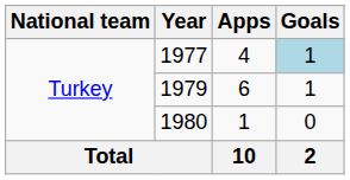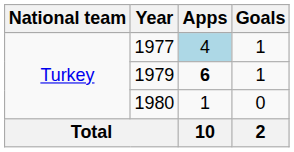 <table class="wikitable" style="text-align:center">
 <tr>
 <th>National team</th>
 <th>Year</th>
 <th>Apps</th>
 <th>Goals</th>
 </tr>
 <tr>
 <td rowspan="3"><a href='#'>Turkey</a></td>
 <td>1977</td>
-<td>4</td>
-<td style="background: lightblue;">1</td>
+<td style="background: lightblue;">4</td>
+<td>1</td>
 </tr>
 <tr>
 <td>1979</td>
-<td>6</td>
+<td><strong>6</strong></td>
 <td>1</td>
 </tr>
 <tr>
 <td>1980</td>
 <td>1</td>
 <td>0</td>
 </tr>
 <tr>
 <th colspan="2">Total</th>
 <th>10</th>
 <th>2</th>
 </tr>
 </table>
